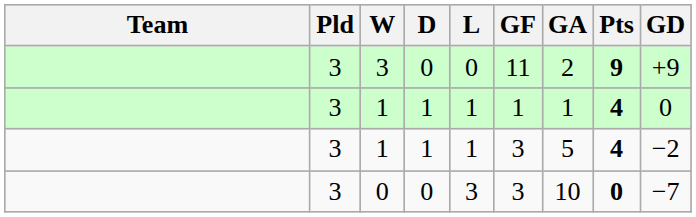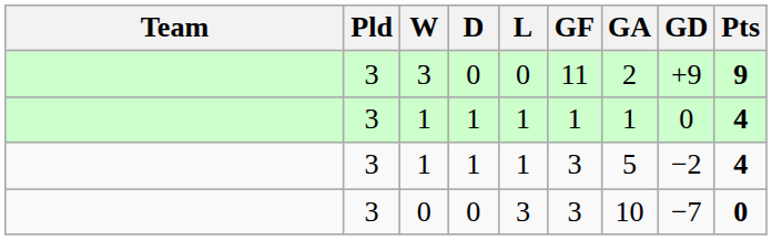 <table class="wikitable" style="text-align:center;">
 <tr>
 <th width=180>Team</th>
 <th width=20>Pld</th>
 <th width=20>W</th>
 <th width=20>D</th>
 <th width=20>L</th>
 <th width=20>GF</th>
 <th width=20>GA</th>
+<th width=20>GD</th>
 <th width=20>Pts</th>
-<th width=20>GD</th>
 </tr>
 <tr bgcolor="ccffcc">
 <td align="left"></td>
 <td>3</td>
 <td>3</td>
 <td>0</td>
 <td>0</td>
 <td>11</td>
 <td>2</td>
+<td>+9</td>
 <td><strong>9</strong></td>
-<td>+9</td>
 </tr>
 <tr bgcolor="ccffcc">
 <td align="left"></td>
 <td>3</td>
 <td>1</td>
 <td>1</td>
 <td>1</td>
 <td>1</td>
 <td>1</td>
+<td>0</td>
 <td><strong>4</strong></td>
-<td>0</td>
 </tr>
 <tr>
 <td align="left"></td>
 <td>3</td>
 <td>1</td>
 <td>1</td>
 <td>1</td>
 <td>3</td>
 <td>5</td>
+<td>−2</td>
 <td><strong>4</strong></td>
-<td>−2</td>
 </tr>
 <tr>
 <td align="left"></td>
 <td>3</td>
 <td>0</td>
 <td>0</td>
 <td>3</td>
 <td>3</td>
 <td>10</td>
+<td>−7</td>
 <td><strong>0</strong></td>
-<td>−7</td>
 </tr>
 </table>
